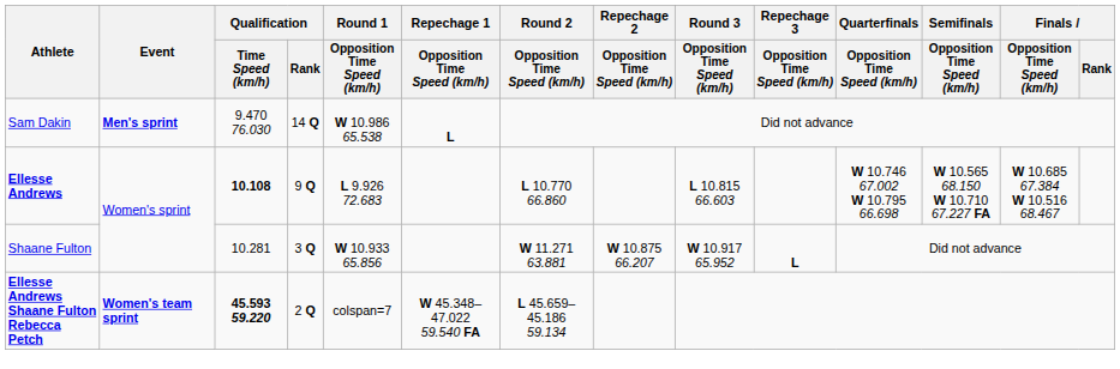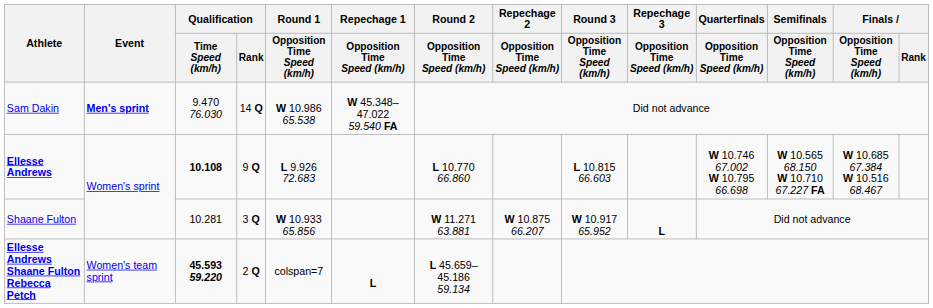 <table class=wikitable style=font-size:90%;text-align:center>
 <tr>
 <th rowspan=2>Athlete</th>
 <th rowspan=2>Event</th>
 <th colspan=2>Qualification</th>
 <th>Round 1</th>
 <th>Repechage 1</th>
 <th>Round 2</th>
 <th>Repechage 2</th>
 <th>Round 3</th>
 <th>Repechage 3</th>
 <th>Quarterfinals</th>
 <th>Semifinals</th>
 <th colspan=2>Finals / </th>
 </tr>
 <tr style=font-size:95%>
 <th>Time<br><em>Speed (km/h)</em></th>
 <th>Rank</th>
 <th>Opposition<br>Time<br><em>Speed (km/h)</em></th>
 <th>Opposition<br>Time<br><em>Speed (km/h)</em></th>
 <th>Opposition<br>Time<br><em>Speed (km/h)</em></th>
 <th>Opposition<br>Time<br><em>Speed (km/h)</em></th>
 <th>Opposition<br>Time<br><em>Speed (km/h)</em></th>
 <th>Opposition<br>Time<br><em>Speed (km/h)</em></th>
 <th>Opposition<br>Time<br><em>Speed (km/h)</em></th>
 <th>Opposition<br>Time<br><em>Speed (km/h)</em></th>
 <th>Opposition<br>Time<br><em>Speed (km/h)</em></th>
 <th>Rank</th>
 </tr>
 <tr>
 <td align=left><a href='#'>Sam Dakin</a></td>
 <td align=left><strong><a href='#'>Men's sprint</a></strong></td>
 <td>9.470<br><em>76.030</em></td>
 <td>14 <strong>Q</strong></td>
 <td><br><strong>W</strong> 10.986<br><em>65.538</em></td>
-<td><br><br><strong>L</strong></td>
+<td><br><strong>W</strong> 45.348–47.022<br><em>59.540</em> <strong>FA</strong></td>
 <td colspan=8>Did not advance</td>
 </tr>
 <tr>
 <td align=left><strong><a href='#'>Ellesse Andrews</a></strong></td>
 <td align=left rowspan=2><a href='#'>Women's sprint</a></td>
 <td><strong>10.108</strong></td>
 <td>9 <strong>Q</strong></td>
 <td><br><strong>L</strong> 9.926<br><em>72.683</em></td>
 <td></td>
 <td><br><strong>L</strong> 10.770<br><em>66.860</em></td>
 <td></td>
 <td><br><strong>L</strong> 10.815<br><em>66.603</em></td>
 <td></td>
 <td><br><strong>W</strong> 10.746<br><em>67.002</em><br><strong>W</strong> 10.795<br><em>66.698</em></td>
 <td><br><strong>W</strong> 10.565<br><em>68.150</em><br><strong>W</strong> 10.710<br><em>67.227</em> <strong>FA</strong></td>
 <td><br><strong>W</strong> 10.685<br><em>67.384</em><br><strong>W</strong> 10.516<br><em>68.467</em></td>
 <td></td>
 </tr>
 <tr>
 <td align=left><a href='#'>Shaane Fulton</a></td>
 <td>10.281</td>
 <td>3 <strong>Q</strong></td>
 <td><br><strong>W</strong> 10.933<br><em>65.856</em></td>
 <td></td>
 <td><br><strong>W</strong> 11.271<br><em>63.881</em></td>
 <td><br><strong>W</strong> 10.875<br><em>66.207</em></td>
 <td><br><strong>W</strong> 10.917<br><em>65.952</em></td>
 <td><br><br><strong>L</strong></td>
 <td colspan=4>Did not advance</td>
 </tr>
 <tr>
 <td align=left><strong><a href='#'>Ellesse Andrews</a><br><a href='#'>Shaane Fulton</a><br><a href='#'>Rebecca Petch</a></strong></td>
-<td align=left><strong><a href='#'>Women's team sprint</a></strong></td>
+<td align=left><a href='#'>Women's team sprint</a></td>
 <td><strong>45.593<br><em>59.220</em></strong></td>
 <td>2 <strong>Q</strong></td>
 <td>colspan=7 </td>
-<td><br><strong>W</strong> 45.348–47.022<br><em>59.540</em> <strong>FA</strong></td>
+<td><br><br><strong>L</strong></td>
 <td><br><strong>L</strong> 45.659–45.186<br><em>59.134</em></td>
 <td></td>
 </tr>
 </table>
